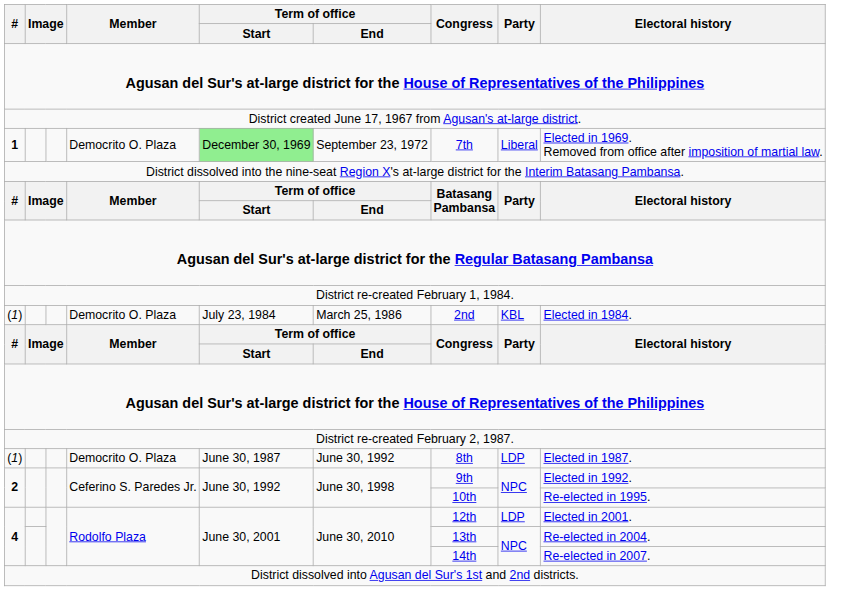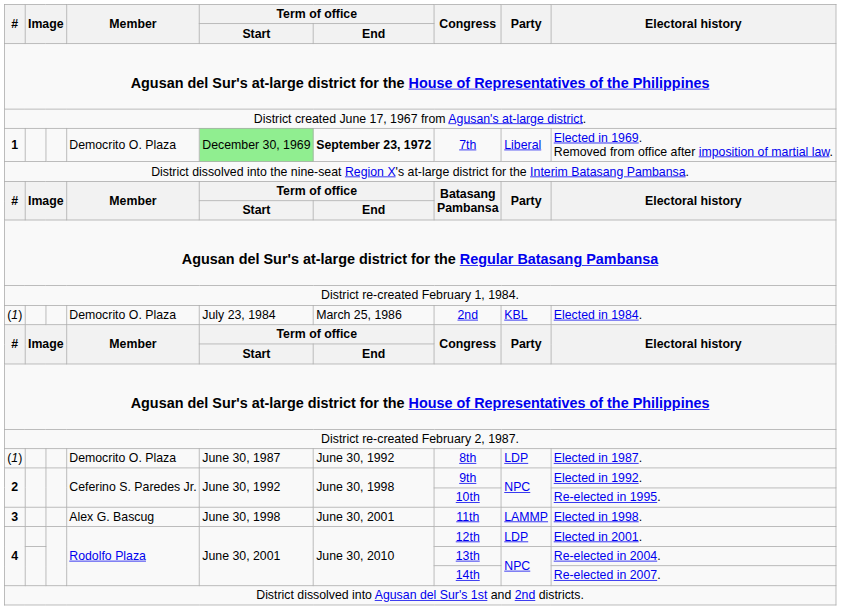 <table class=wikitable>
 <tr>
 <th rowspan="2">#</th>
 <th rowspan="2" colspan=2>Image</th>
 <th rowspan="2">Member</th>
 <th colspan=2>Term of office</th>
 <th rowspan="2">Congress</th>
 <th rowspan="2">Party</th>
 <th rowspan="2">Electoral history</th>
 </tr>
 <tr>
 <th>Start</th>
 <th>End</th>
 </tr>
 <tr>
 <td colspan="9" style="text-align:center;"><br><h3>Agusan del Sur's at-large district for the <a href='#'>House of Representatives of the Philippines</a></h3></td>
 </tr>
 <tr>
 <td colspan="9" style="text-align:center;">District created June 17, 1967 from <a href='#'>Agusan's at-large district</a>.</td>
 </tr>
 <tr>
 <td style="text-align:center;"><strong>1</strong></td>
 <td style="color:inherit;background:"></td>
 <td></td>
 <td>Democrito O. Plaza</td>
 <td style="background: lightgreen;">December 30, 1969</td>
-<td>September 23, 1972</td>
+<td><strong>September 23, 1972</strong></td>
 <td style="text-align:center;"><a href='#'>7th</a></td>
 <td><a href='#'>Liberal</a></td>
 <td><a href='#'>Elected in 1969</a>.<br>Removed from office after <a href='#'>imposition of martial law</a>.</td>
 </tr>
 <tr>
 <td colspan="9" style="text-align:center;">District dissolved into the nine-seat <a href='#'>Region X</a>'s at-large district for the <a href='#'>Interim Batasang Pambansa</a>.</td>
 </tr>
 <tr>
 <th rowspan="2">#</th>
 <th rowspan="2" colspan=2>Image</th>
 <th rowspan="2">Member</th>
 <th colspan=2>Term of office</th>
 <th rowspan="2">Batasang<br>Pambansa</th>
 <th rowspan="2">Party</th>
 <th rowspan="2">Electoral history</th>
 </tr>
 <tr>
 <th>Start</th>
 <th>End</th>
 </tr>
 <tr>
 <td colspan="9" style="text-align:center;"><br><h3>Agusan del Sur's at-large district for the <a href='#'>Regular Batasang Pambansa</a></h3></td>
 </tr>
 <tr>
 <td colspan="9" style="text-align:center;">District re-created February 1, 1984.</td>
 </tr>
 <tr>
 <td style="text-align:center;">(<em>1</em>)</td>
 <td style="color:inherit;background:"></td>
 <td></td>
 <td>Democrito O. Plaza</td>
 <td>July 23, 1984</td>
 <td>March 25, 1986</td>
 <td style="text-align:center;"><a href='#'>2nd</a></td>
 <td><a href='#'>KBL</a></td>
 <td><a href='#'>Elected in 1984</a>.</td>
 </tr>
 <tr>
 <th rowspan="2">#</th>
 <th rowspan="2" colspan=2>Image</th>
 <th rowspan="2">Member</th>
 <th colspan=2>Term of office</th>
 <th rowspan="2">Congress</th>
 <th rowspan="2">Party</th>
 <th rowspan="2">Electoral history</th>
 </tr>
 <tr>
 <th>Start</th>
 <th>End</th>
 </tr>
 <tr>
 <td colspan="9" style="text-align:center;"><br><h3>Agusan del Sur's at-large district for the <a href='#'>House of Representatives of the Philippines</a></h3></td>
 </tr>
 <tr>
 <td colspan="9" style="text-align:center;">District re-created February 2, 1987.</td>
 </tr>
 <tr>
 <td style="text-align:center;">(<em>1</em>)</td>
 <td style="color:inherit;background:"></td>
 <td></td>
 <td>Democrito O. Plaza</td>
 <td>June 30, 1987</td>
 <td>June 30, 1992</td>
 <td style="text-align:center;"><a href='#'>8th</a></td>
 <td><a href='#'>LDP</a></td>
 <td><a href='#'>Elected in 1987</a>.</td>
 </tr>
 <tr>
 <td rowspan="2" style="text-align:center;"><strong>2</strong></td>
 <td rowspan="2" style="color:inherit;background:"></td>
 <td rowspan="2"></td>
 <td rowspan="2">Ceferino S. Paredes Jr.</td>
 <td rowspan="2">June 30, 1992</td>
 <td rowspan="2">June 30, 1998</td>
 <td style="text-align:center;"><a href='#'>9th</a></td>
 <td rowspan="2"><a href='#'>NPC</a></td>
 <td><a href='#'>Elected in 1992</a>.</td>
 </tr>
 <tr>
 <td style="text-align:center;"><a href='#'>10th</a></td>
 <td><a href='#'>Re-elected in 1995</a>.</td>
 </tr>
 <tr>
+<td style="text-align:center;"><strong>3</strong></td>
+<td style="color:inherit;background:"></td>
+<td></td>
+<td>Alex G. Bascug</td>
+<td>June 30, 1998</td>
+<td>June 30, 2001</td>
+<td style="text-align:center;"><a href='#'>11th</a></td>
+<td><a href='#'>LAMMP</a></td>
+<td><a href='#'>Elected in 1998</a>.</td>
+</tr>
+<tr>
 <td rowspan="3" style="text-align:center;"><strong>4</strong></td>
 <td style="color:inherit;background:"></td>
 <td rowspan="3"></td>
 <td rowspan="3"><a href='#'>Rodolfo Plaza</a></td>
 <td rowspan="3">June 30, 2001</td>
 <td rowspan="3">June 30, 2010</td>
 <td style="text-align:center;"><a href='#'>12th</a></td>
 <td><a href='#'>LDP</a></td>
 <td><a href='#'>Elected in 2001</a>.</td>
 </tr>
 <tr>
 <td rowspan="2" style="color:inherit;background:"></td>
 <td style="text-align:center;"><a href='#'>13th</a></td>
 <td rowspan="2"><a href='#'>NPC</a></td>
 <td><a href='#'>Re-elected in 2004</a>.</td>
 </tr>
 <tr>
 <td style="text-align:center;"><a href='#'>14th</a></td>
 <td><a href='#'>Re-elected in 2007</a>.</td>
 </tr>
 <tr>
 <td colspan="9" style="text-align:center;">District dissolved into <a href='#'>Agusan del Sur's 1st</a> and <a href='#'>2nd</a> districts.</td>
 </tr>
 </table>
